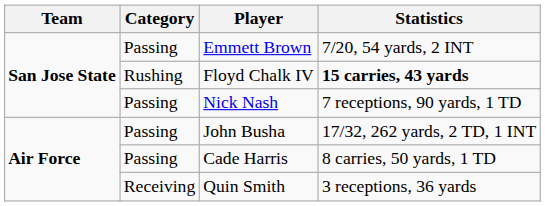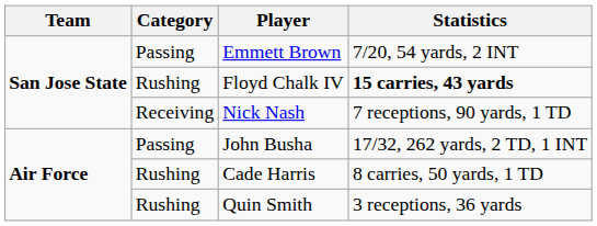 <table class="wikitable" style="float: right;">
 <tr>
 <th>Team</th>
 <th>Category</th>
 <th>Player</th>
 <th>Statistics</th>
 </tr>
 <tr>
 <td rowspan=3><strong>San Jose State</strong></td>
 <td>Passing</td>
 <td><a href='#'>Emmett Brown</a></td>
 <td>7/20, 54 yards, 2 INT</td>
 </tr>
 <tr>
 <td>Rushing</td>
 <td>Floyd Chalk IV</td>
 <td><strong>15 carries, 43 yards</strong></td>
 </tr>
 <tr>
-<td>Passing</td>
+<td>Receiving</td>
 <td><a href='#'>Nick Nash</a></td>
 <td>7 receptions, 90 yards, 1 TD</td>
 </tr>
 <tr>
 <td rowspan=3><strong>Air Force</strong></td>
 <td>Passing</td>
 <td>John Busha</td>
 <td>17/32, 262 yards, 2 TD, 1 INT</td>
 </tr>
 <tr>
-<td>Passing</td>
+<td>Rushing</td>
 <td>Cade Harris</td>
 <td>8 carries, 50 yards, 1 TD</td>
 </tr>
 <tr>
-<td>Receiving</td>
+<td>Rushing</td>
 <td>Quin Smith</td>
 <td>3 receptions, 36 yards</td>
 </tr>
 </table>
